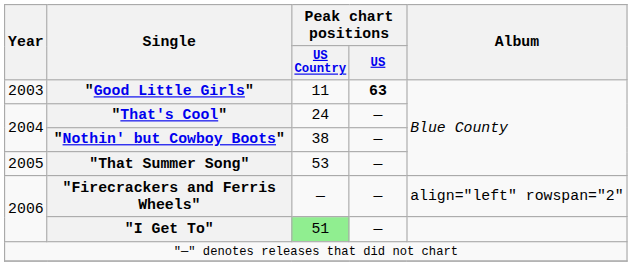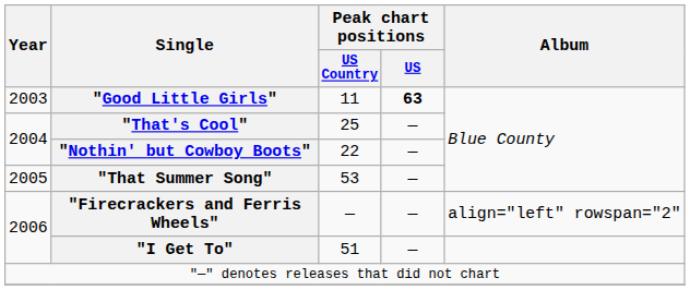 <table class="wikitable plainrowheaders" style="text-align:center;">
 <tr>
 <th rowspan="2">Year</th>
 <th rowspan="2" style="width:16em;">Single</th>
 <th colspan="2">Peak chart<br>positions</th>
 <th rowspan="2">Album</th>
 </tr>
 <tr style="font-size:smaller;">
 <th width="45"><a href='#'>US Country</a><br></th>
 <th width="45"><a href='#'>US</a><br></th>
 </tr>
 <tr>
 <td>2003</td>
 <th scope="row">"<a href='#'>Good Little Girls</a>"</th>
 <td>11</td>
 <td><strong>63</strong></td>
 <td align="left" rowspan="4"><em>Blue County</em></td>
 </tr>
 <tr>
 <td rowspan="2">2004</td>
 <th scope="row">"<a href='#'>That's Cool</a>"</th>
-<td>24</td>
+<td>25</td>
 <td>—</td>
 </tr>
 <tr>
 <th scope="row">"<a href='#'>Nothin' but Cowboy Boots</a>"</th>
-<td>38</td>
+<td>22</td>
 <td>—</td>
 </tr>
 <tr>
 <td>2005</td>
 <th scope="row">"That Summer Song"</th>
 <td>53</td>
 <td>—</td>
 </tr>
 <tr>
 <td rowspan="2">2006</td>
 <th scope="row">"Firecrackers and Ferris Wheels"</th>
 <td>—</td>
 <td>—</td>
 <td>align="left" rowspan="2" </td>
 </tr>
 <tr>
 <th scope="row">"I Get To"</th>
-<td style="background: lightgreen;">51</td>
+<td>51</td>
 <td>—</td>
 </tr>
 <tr>
 <td colspan="5" style="font-size:8pt">"—" denotes releases that did not chart</td>
 </tr>
 <tr>
 </tr>
 </table>
